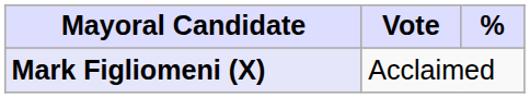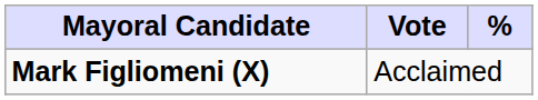 <table class="wikitable">
 <tr>
 <th style="background:#ddf; width:200px;">Mayoral Candidate </th>
 <th style="background:#ddf; width:50px;">Vote</th>
 <th style="background:#ddf; width:30px;">%</th>
 </tr>
 <tr>
-<td style="background: lavender;"><strong>Mark Figliomeni (X)</strong></td>
+<td><strong>Mark Figliomeni (X)</strong></td>
 <td colspan="2">Acclaimed</td>
 </tr>
 </table>
